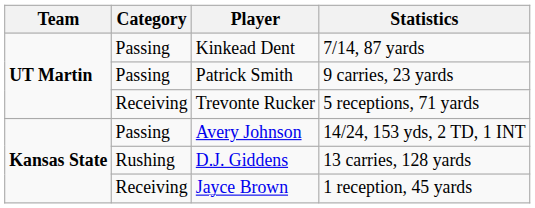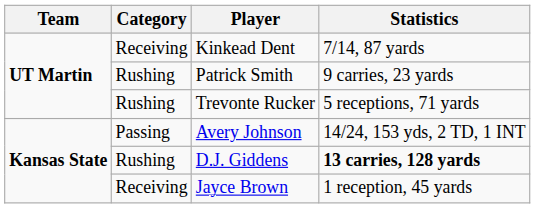 <table class="wikitable" style="float: right;">
 <tr>
 <th>Team</th>
 <th>Category</th>
 <th>Player</th>
 <th>Statistics</th>
 </tr>
 <tr>
 <td rowspan=3><strong>UT Martin</strong></td>
-<td>Passing</td>
+<td>Receiving</td>
 <td>Kinkead Dent</td>
 <td>7/14, 87 yards</td>
 </tr>
 <tr>
-<td>Passing</td>
+<td>Rushing</td>
 <td>Patrick Smith</td>
 <td>9 carries, 23 yards</td>
 </tr>
 <tr>
-<td>Receiving</td>
+<td>Rushing</td>
 <td>Trevonte Rucker</td>
 <td>5 receptions, 71 yards</td>
 </tr>
 <tr>
 <td rowspan=3><strong>Kansas State</strong></td>
 <td>Passing</td>
 <td><a href='#'>Avery Johnson</a></td>
 <td>14/24, 153 yds, 2 TD, 1 INT</td>
 </tr>
 <tr>
 <td>Rushing</td>
 <td><a href='#'>D.J. Giddens</a></td>
-<td>13 carries, 128 yards</td>
+<td><strong>13 carries, 128 yards</strong></td>
 </tr>
 <tr>
 <td>Receiving</td>
 <td><a href='#'>Jayce Brown</a></td>
 <td>1 reception, 45 yards</td>
 </tr>
 </table>
